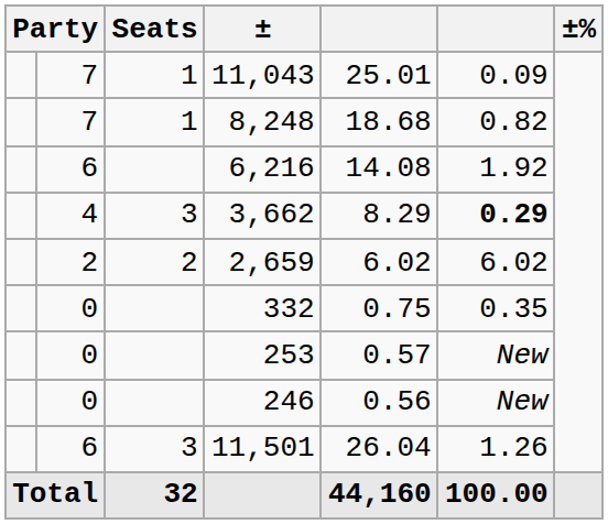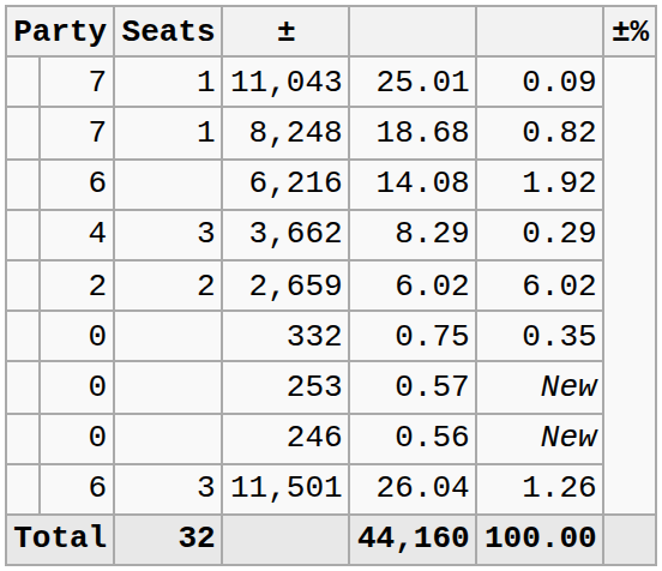 <table class=wikitable>
 <tr>
 <th colspan=2 align=center>Party</th>
 <th>Seats</th>
 <th>±</th>
 <th></th>
 <th></th>
 <th>±%</th>
 </tr>
 <tr>
 <td></td>
 <td align=right>7</td>
 <td align=right>1</td>
 <td align=right>11,043</td>
 <td align=right>25.01</td>
 <td align=right>0.09</td>
 </tr>
 <tr>
 <td></td>
 <td align=right>7</td>
 <td align=right>1</td>
 <td align=right>8,248</td>
 <td align=right>18.68</td>
 <td align=right>0.82</td>
 </tr>
 <tr>
 <td></td>
 <td align=right>6</td>
 <td align=right></td>
 <td align=right>6,216</td>
 <td align=right>14.08</td>
 <td align=right>1.92</td>
 </tr>
 <tr>
 <td></td>
 <td align=right>4</td>
 <td align=right>3</td>
 <td align=right>3,662</td>
 <td align=right>8.29</td>
-<td align=right><strong>0.29</strong></td>
+<td align=right>0.29</td>
 </tr>
 <tr>
 <td></td>
 <td align=right>2</td>
 <td align=right>2</td>
 <td align=right>2,659</td>
 <td align=right>6.02</td>
 <td align=right>6.02</td>
 </tr>
 <tr>
 <td></td>
 <td align=right>0</td>
 <td align=right></td>
 <td align=right>332</td>
 <td align=right>0.75</td>
 <td align=right>0.35</td>
 </tr>
 <tr>
 <td></td>
 <td align=right>0</td>
 <td align=right></td>
 <td align=right>253</td>
 <td align=right>0.57</td>
 <td align=right><em>New</em></td>
 </tr>
 <tr>
 <td></td>
 <td align=right>0</td>
 <td align=right></td>
 <td align=right>246</td>
 <td align=right>0.56</td>
 <td align=right><em>New</em></td>
 </tr>
 <tr>
 <td></td>
 <td align=right>6</td>
 <td align=right>3</td>
 <td align=right>11,501</td>
 <td align=right>26.04</td>
 <td align=right>1.26</td>
 </tr>
 <tr style="font-weight:bold; background:rgb(232,232,232);">
 <td colspan=2 align=center>Total</td>
 <td align=right>32</td>
 <td align=center></td>
 <td align=right>44,160</td>
 <td align=center>100.00</td>
 <td align=center></td>
 </tr>
 </table>
